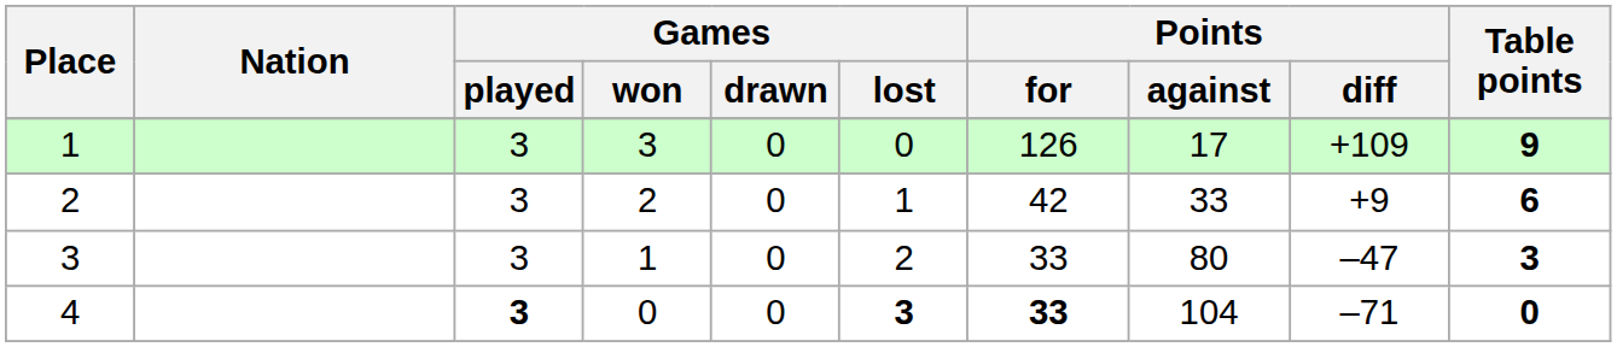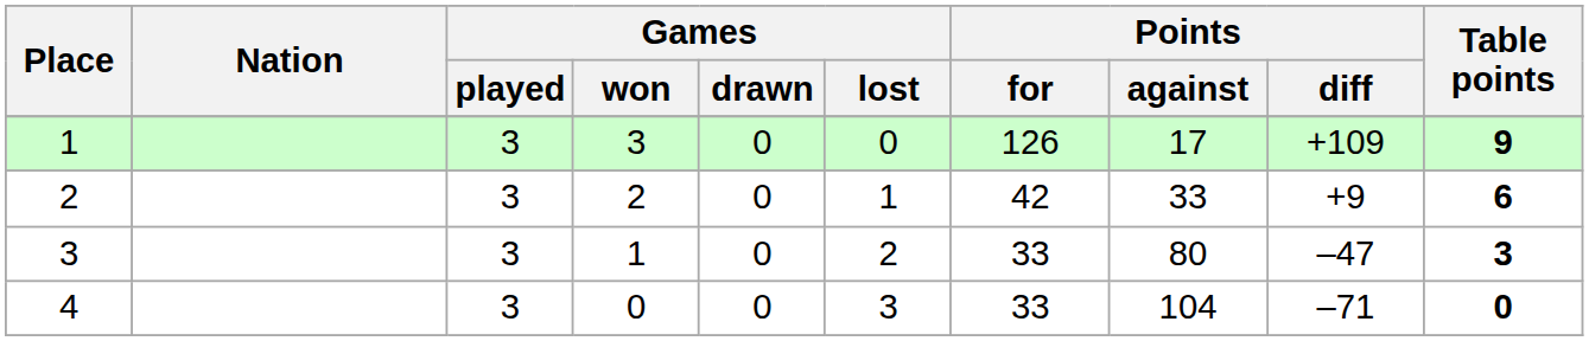 <table class="wikitable">
 <tr>
 <th rowspan=2 width="8%">Place</th>
 <th rowspan=2 width="20%">Nation</th>
 <th colspan=4 width="32%">Games</th>
 <th colspan=3 width="30%">Points</th>
 <th rowspan=2 width="10%">Table<br>points</th>
 </tr>
 <tr>
 <th width="8%">played</th>
 <th width="8%">won</th>
 <th width="8%">drawn</th>
 <th width="8%">lost</th>
 <th width="10%">for</th>
 <th width="10%">against</th>
 <th width="10%">diff</th>
 </tr>
 <tr>
 </tr>
 <tr bgcolor=ccffcc align=center>
 <td>1</td>
 <td align=left></td>
 <td>3</td>
 <td>3</td>
 <td>0</td>
 <td>0</td>
 <td>126</td>
 <td>17</td>
 <td>+109</td>
 <td><strong>9</strong></td>
 </tr>
 <tr bgcolor=#ffffff align=center>
 <td>2</td>
 <td align=left></td>
 <td>3</td>
 <td>2</td>
 <td>0</td>
 <td>1</td>
 <td>42</td>
 <td>33</td>
 <td>+9</td>
 <td><strong>6</strong></td>
 </tr>
 <tr bgcolor=#ffffff align=center>
 <td>3</td>
 <td align=left></td>
 <td>3</td>
 <td>1</td>
 <td>0</td>
 <td>2</td>
 <td>33</td>
 <td>80</td>
 <td>–47</td>
 <td><strong>3</strong></td>
 </tr>
 <tr bgcolor=#ffffff align=center>
 <td>4</td>
 <td align=left></td>
-<td><strong>3</strong></td>
+<td>3</td>
 <td>0</td>
 <td>0</td>
-<td><strong>3</strong></td>
-<td><strong>33</strong></td>
+<td>3</td>
+<td>33</td>
 <td>104</td>
 <td>–71</td>
 <td><strong>0</strong></td>
 </tr>
 </table>
